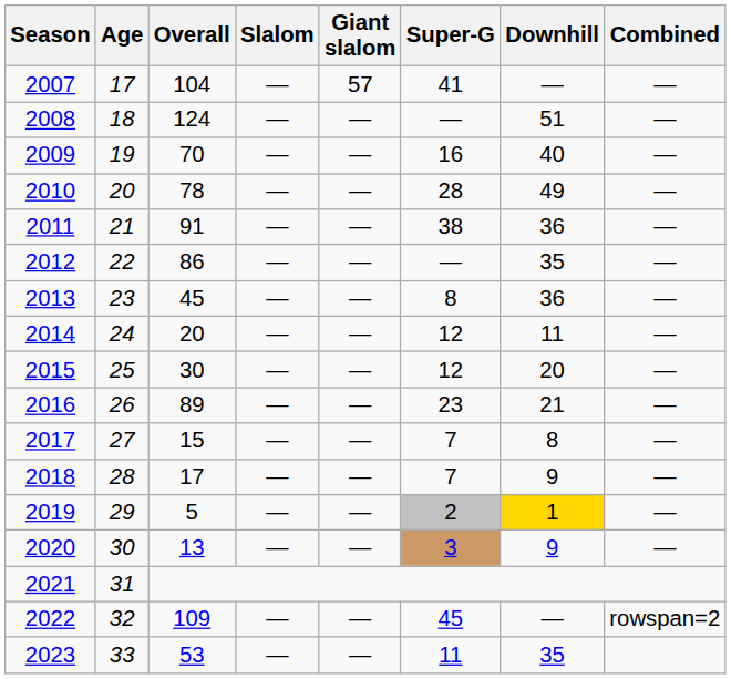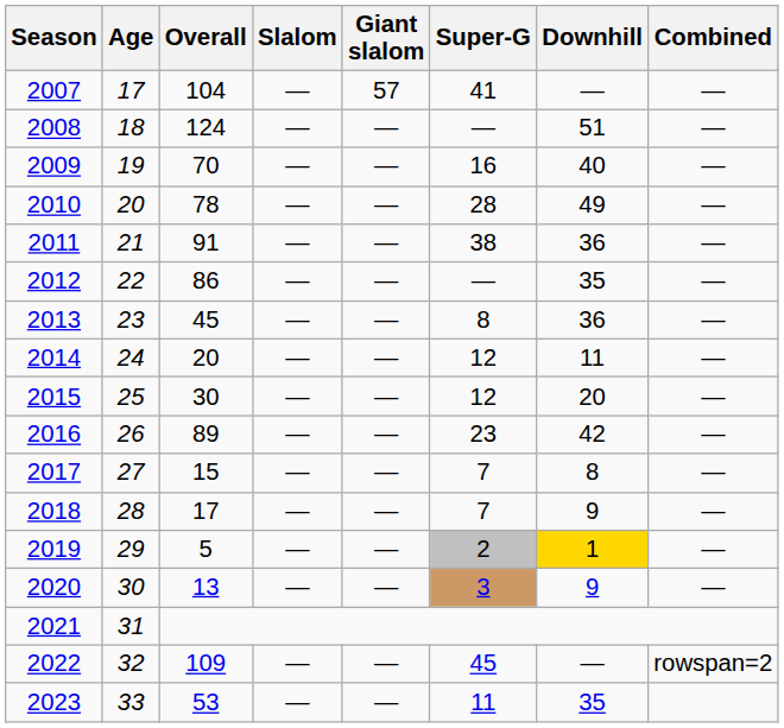 <table class=wikitable style="text-align:center">
 <tr>
 <th>Season</th>
 <th>Age</th>
 <th>Overall</th>
 <th>Slalom</th>
 <th>Giant<br>slalom</th>
 <th>Super-G</th>
 <th>Downhill</th>
 <th>Combined</th>
 </tr>
 <tr>
 <td><a href='#'>2007</a></td>
 <td><em>17</em></td>
 <td>104</td>
 <td>—</td>
 <td>57</td>
 <td>41</td>
 <td>—</td>
 <td>—</td>
 </tr>
 <tr>
 <td><a href='#'>2008</a></td>
 <td><em>18</em></td>
 <td>124</td>
 <td>—</td>
 <td>—</td>
 <td>—</td>
 <td>51</td>
 <td>—</td>
 </tr>
 <tr>
 <td><a href='#'>2009</a></td>
 <td><em>19</em></td>
 <td>70</td>
 <td>—</td>
 <td>—</td>
 <td>16</td>
 <td>40</td>
 <td>—</td>
 </tr>
 <tr>
 <td><a href='#'>2010</a></td>
 <td><em>20</em></td>
 <td>78</td>
 <td>—</td>
 <td>—</td>
 <td>28</td>
 <td>49</td>
 <td>—</td>
 </tr>
 <tr>
 <td><a href='#'>2011</a></td>
 <td><em>21</em></td>
 <td>91</td>
 <td>—</td>
 <td>—</td>
 <td>38</td>
 <td>36</td>
 <td>—</td>
 </tr>
 <tr>
 <td><a href='#'>2012</a></td>
 <td><em>22</em></td>
 <td>86</td>
 <td>—</td>
 <td>—</td>
 <td>—</td>
 <td>35</td>
 <td>—</td>
 </tr>
 <tr>
 <td><a href='#'>2013</a></td>
 <td><em>23</em></td>
 <td>45</td>
 <td>—</td>
 <td>—</td>
 <td>8</td>
 <td>36</td>
 <td>—</td>
 </tr>
 <tr>
 <td><a href='#'>2014</a></td>
 <td><em>24</em></td>
 <td>20</td>
 <td>—</td>
 <td>—</td>
 <td>12</td>
 <td>11</td>
 <td>—</td>
 </tr>
 <tr>
 <td><a href='#'>2015</a></td>
 <td><em>25</em></td>
 <td>30</td>
 <td>—</td>
 <td>—</td>
 <td>12</td>
 <td>20</td>
 <td>—</td>
 </tr>
 <tr>
 <td><a href='#'>2016</a></td>
 <td><em>26</em></td>
 <td>89</td>
 <td>—</td>
 <td>—</td>
 <td>23</td>
-<td>21</td>
+<td>42</td>
 <td>—</td>
 </tr>
 <tr>
 <td><a href='#'>2017</a></td>
 <td><em>27</em></td>
 <td>15</td>
 <td>—</td>
 <td>—</td>
 <td>7</td>
 <td>8</td>
 <td>—</td>
 </tr>
 <tr>
 <td><a href='#'>2018</a></td>
 <td><em>28</em></td>
 <td>17</td>
 <td>—</td>
 <td>—</td>
 <td>7</td>
 <td>9</td>
 <td>—</td>
 </tr>
 <tr>
 <td><a href='#'>2019</a></td>
 <td><em>29</em></td>
 <td>5</td>
 <td>—</td>
 <td>—</td>
 <td bgcolor="silver">2</td>
 <td bgcolor="gold">1</td>
 <td>—</td>
 </tr>
 <tr>
 <td><a href='#'>2020</a></td>
 <td><em>30</em></td>
 <td><a href='#'>13</a></td>
 <td>—</td>
 <td>—</td>
 <td style="background:#c96;"><a href='#'>3</a></td>
 <td><a href='#'>9</a></td>
 <td>—</td>
 </tr>
 <tr>
 <td><a href='#'>2021</a></td>
 <td><em>31</em></td>
 <td colspan="6"><em></em></td>
 </tr>
 <tr>
 <td><a href='#'>2022</a></td>
 <td><em>32</em></td>
 <td><a href='#'>109</a></td>
 <td>—</td>
 <td>—</td>
 <td><a href='#'>45</a></td>
 <td>—</td>
 <td>rowspan=2 </td>
 </tr>
 <tr>
 <td><a href='#'>2023</a></td>
 <td><em>33</em></td>
 <td><a href='#'>53</a></td>
 <td>—</td>
 <td>—</td>
 <td><a href='#'>11</a></td>
 <td><a href='#'>35</a></td>
 </tr>
 </table>
